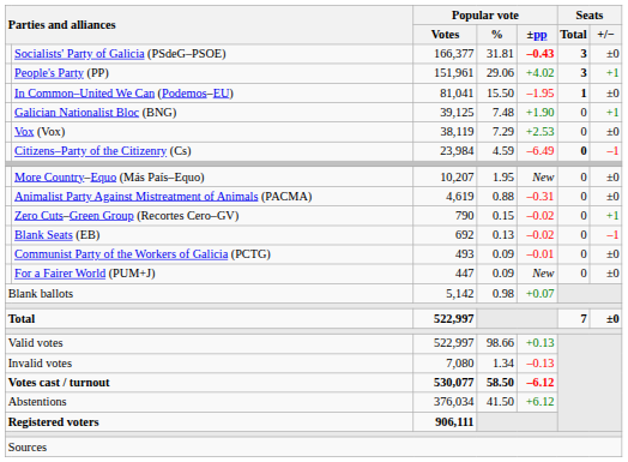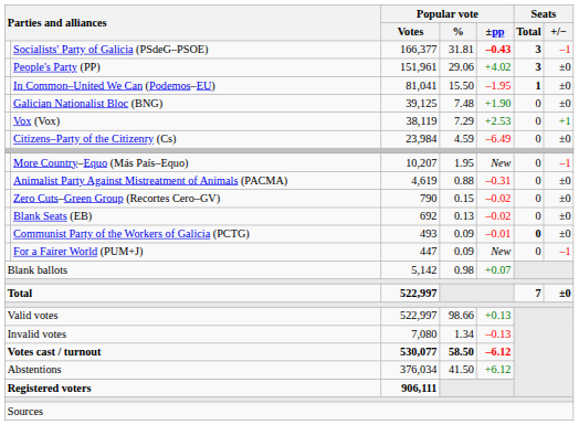 <table class="wikitable" style="text-align:right;">
 <tr>
 <th style="text-align:left;" rowspan="2" colspan="2" width="525">Parties and alliances</th>
 <th colspan="3">Popular vote</th>
 <th colspan="2">Seats</th>
 </tr>
 <tr>
 <th width="75">Votes</th>
 <th width="45">%</th>
 <th width="45">±<a href='#'>pp</a></th>
 <th width="35">Total</th>
 <th width="35">+/−</th>
 </tr>
 <tr>
 <td width="1" style="color:inherit;background:"></td>
 <td align="left"><a href='#'>Socialists' Party of Galicia</a> (PSdeG–PSOE)</td>
 <td>166,377</td>
 <td>31.81</td>
 <td style="color:red;"><strong>–0.43</strong></td>
 <td><strong>3</strong></td>
-<td>±0</td>
+<td style="color:red;">–1</td>
 </tr>
 <tr>
 <td style="color:inherit;background:"></td>
 <td align="left"><a href='#'>People's Party</a> (PP)</td>
 <td>151,961</td>
 <td>29.06</td>
 <td style="color:green;">+4.02</td>
 <td><strong>3</strong></td>
-<td style="color:green;">+1</td>
+<td>±0</td>
 </tr>
 <tr>
 <td style="color:inherit;background:"></td>
 <td align="left"><a href='#'>In Common–United We Can</a> (<a href='#'>Podemos</a>–<a href='#'>EU</a>)</td>
 <td>81,041</td>
 <td>15.50</td>
 <td style="color:red;">–1.95</td>
 <td><strong>1</strong></td>
 <td>±0</td>
 </tr>
 <tr>
 <td style="color:inherit;background:"></td>
 <td align="left"><a href='#'>Galician Nationalist Bloc</a> (BNG)</td>
 <td>39,125</td>
 <td>7.48</td>
 <td style="color:green;">+1.90</td>
 <td>0</td>
-<td style="color:green;">+1</td>
+<td>±0</td>
 </tr>
 <tr>
 <td style="color:inherit;background:"></td>
 <td align="left"><a href='#'>Vox</a> (Vox)</td>
 <td>38,119</td>
 <td>7.29</td>
 <td style="color:green;">+2.53</td>
 <td>0</td>
-<td>±0</td>
+<td style="color:green;">+1</td>
 </tr>
 <tr>
 <td style="color:inherit;background:"></td>
 <td align="left"><a href='#'>Citizens–Party of the Citizenry</a> (Cs)</td>
 <td>23,984</td>
 <td>4.59</td>
 <td style="color:red;">–6.49</td>
-<td><strong>0</strong></td>
-<td style="color:red;">–1</td>
+<td>0</td>
+<td>±0</td>
 </tr>
 <tr>
 <td colspan="7" bgcolor="#C0C0C0"></td>
 </tr>
 <tr>
 <td style="color:inherit;background:"></td>
 <td align="left"><a href='#'>More Country</a>–<a href='#'>Equo</a> (Más País–Equo)</td>
 <td>10,207</td>
 <td>1.95</td>
 <td><em>New</em></td>
 <td>0</td>
-<td>±0</td>
+<td style="color:red;">–1</td>
 </tr>
 <tr>
 <td style="color:inherit;background:"></td>
 <td align="left"><a href='#'>Animalist Party Against Mistreatment of Animals</a> (PACMA)</td>
 <td>4,619</td>
 <td>0.88</td>
 <td style="color:red;">–0.31</td>
 <td>0</td>
 <td>±0</td>
 </tr>
 <tr>
 <td style="color:inherit;background:"></td>
 <td align="left"><a href='#'>Zero Cuts</a>–<a href='#'>Green Group</a> (Recortes Cero–GV)</td>
 <td>790</td>
 <td>0.15</td>
 <td style="color:red;">–0.02</td>
 <td>0</td>
-<td style="color:green;">+1</td>
+<td>±0</td>
 </tr>
 <tr>
 <td style="color:inherit;background:"></td>
 <td align="left"><a href='#'>Blank Seats</a> (EB)</td>
 <td>692</td>
 <td>0.13</td>
 <td style="color:red;">–0.02</td>
 <td>0</td>
-<td style="color:red;">–1</td>
+<td>±0</td>
 </tr>
 <tr>
 <td style="color:inherit;background:"></td>
 <td align="left"><a href='#'>Communist Party of the Workers of Galicia</a> (PCTG)</td>
 <td>493</td>
 <td>0.09</td>
 <td style="color:red;">–0.01</td>
-<td>0</td>
+<td><strong>0</strong></td>
 <td>±0</td>
 </tr>
 <tr>
 <td style="color:inherit;background:"></td>
 <td align="left"><a href='#'>For a Fairer World</a> (PUM+J)</td>
 <td>447</td>
 <td>0.09</td>
 <td><em>New</em></td>
 <td>0</td>
-<td>±0</td>
+<td style="color:red;">–1</td>
 </tr>
 <tr>
 <td align="left" colspan="2">Blank ballots</td>
 <td>5,142</td>
 <td>0.98</td>
 <td style="color:green;">+0.07</td>
 <td bgcolor="#E9E9E9" colspan="2"></td>
 </tr>
 <tr>
 <td colspan="7" bgcolor="#E9E9E9"></td>
 </tr>
 <tr style="font-weight:bold;">
 <td align="left" colspan="2">Total</td>
 <td>522,997</td>
 <td bgcolor="#E9E9E9" colspan="2"></td>
 <td>7</td>
 <td>±0</td>
 </tr>
 <tr>
 <td colspan="7" bgcolor="#E9E9E9"></td>
 </tr>
 <tr>
 <td align="left" colspan="2">Valid votes</td>
 <td>522,997</td>
 <td>98.66</td>
 <td style="color:green;">+0.13</td>
 <td bgcolor="#E9E9E9" colspan="2" rowspan="5"></td>
 </tr>
 <tr>
 <td align="left" colspan="2">Invalid votes</td>
 <td>7,080</td>
 <td>1.34</td>
 <td style="color:red;">–0.13</td>
 </tr>
 <tr style="font-weight:bold;">
 <td align="left" colspan="2">Votes cast / turnout</td>
 <td>530,077</td>
 <td>58.50</td>
 <td style="color:red;">–6.12</td>
 </tr>
 <tr>
 <td align="left" colspan="2">Abstentions</td>
 <td>376,034</td>
 <td>41.50</td>
 <td style="color:green;">+6.12</td>
 </tr>
 <tr style="font-weight:bold;">
 <td align="left" colspan="2">Registered voters</td>
 <td>906,111</td>
 <td bgcolor="#E9E9E9" colspan="2"></td>
 </tr>
 <tr>
 <td colspan="7" bgcolor="#E9E9E9"></td>
 </tr>
 <tr>
 <td align="left" colspan="7">Sources</td>
 </tr>
 </table>
